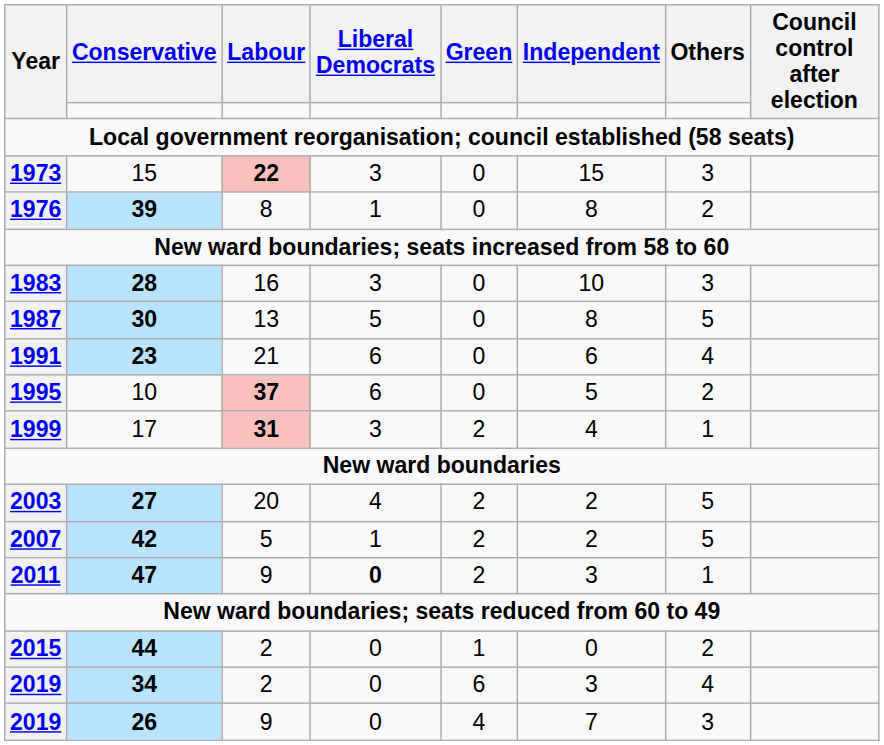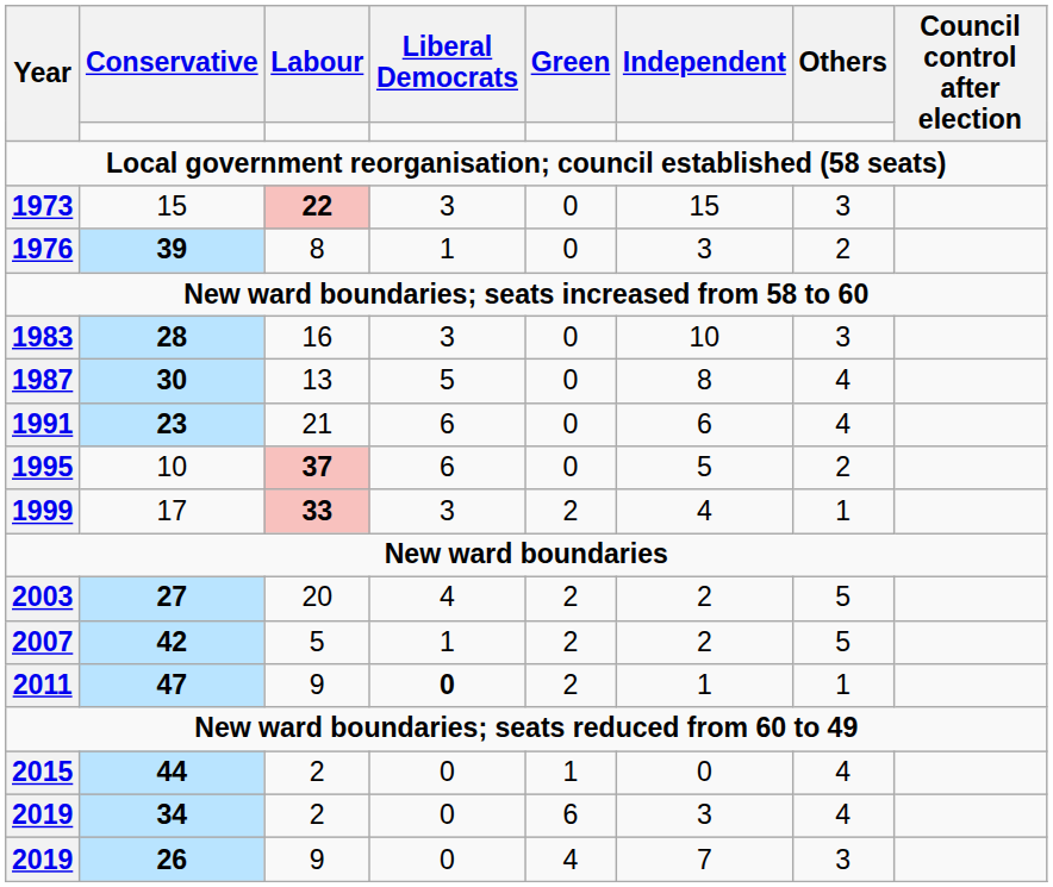 <table class="wikitable plainrowheaders" style="text-align:center">
 <tr>
 <th scope="col" rowspan="2">Year</th>
 <th scope="col"><a href='#'>Conservative</a></th>
 <th scope="col"><a href='#'>Labour</a></th>
 <th scope="col" style="width:1px"><a href='#'>Liberal Democrats</a></th>
 <th scope="col"><a href='#'>Green</a></th>
 <th scope="col"><a href='#'>Independent</a></th>
 <th scope="col">Others</th>
 <th scope="col" rowspan="2" colspan="2">Council control<br>after election</th>
 </tr>
 <tr>
 <td style="background:"></td>
 <td style="background:"></td>
 <td style="background:"></td>
 <td style="background:"></td>
 <td style="background:"></td>
 <td style="background:"></td>
 </tr>
 <tr>
 <td colspan="9"><strong>Local government reorganisation; council established (58 seats)</strong></td>
 </tr>
 <tr>
 <th scope="row"><a href='#'>1973</a></th>
 <td>15</td>
 <td style="background:#F8C1BE;"><strong>22</strong></td>
 <td>3</td>
 <td>0</td>
 <td>15</td>
 <td>3</td>
 <td></td>
 </tr>
 <tr>
 <th scope="row"><a href='#'>1976</a></th>
 <td style="background:#B9E4FF;"><strong>39</strong></td>
 <td>8</td>
 <td>1</td>
 <td>0</td>
-<td>8</td>
+<td>3</td>
 <td>2</td>
 <td></td>
 </tr>
 <tr>
 <td colspan="9"><strong>New ward boundaries; seats increased from 58 to 60</strong></td>
 </tr>
 <tr>
 <th scope="row"><a href='#'>1983</a></th>
 <td style="background:#B9E4FF;"><strong>28</strong></td>
 <td>16</td>
 <td>3</td>
 <td>0</td>
 <td>10</td>
 <td>3</td>
 <td></td>
 </tr>
 <tr>
 <th scope="row"><a href='#'>1987</a></th>
 <td style="background:#B9E4FF;"><strong>30</strong></td>
 <td>13</td>
 <td>5</td>
 <td>0</td>
 <td>8</td>
-<td>5</td>
+<td>4</td>
 <td></td>
 </tr>
 <tr>
 <th scope="row"><a href='#'>1991</a></th>
 <td style="background:#B9E4FF;"><strong>23</strong></td>
 <td>21</td>
 <td>6</td>
 <td>0</td>
 <td>6</td>
 <td>4</td>
 <td></td>
 </tr>
 <tr>
 <th scope="row"><a href='#'>1995</a></th>
 <td>10</td>
 <td style="background:#F8C1BE;"><strong>37</strong></td>
 <td>6</td>
 <td>0</td>
 <td>5</td>
 <td>2</td>
 <td></td>
 </tr>
 <tr>
 <th scope="row"><a href='#'>1999</a></th>
 <td>17</td>
-<td style="background:#F8C1BE;"><strong>31</strong></td>
+<td style="background:#F8C1BE;"><strong>33</strong></td>
 <td>3</td>
 <td>2</td>
 <td>4</td>
 <td>1</td>
 <td></td>
 </tr>
 <tr>
 <td colspan="9"><strong>New ward boundaries</strong></td>
 </tr>
 <tr>
 <th scope="row"><a href='#'>2003</a></th>
 <td style="background:#B9E4FF;"><strong>27</strong></td>
 <td>20</td>
 <td>4</td>
 <td>2</td>
 <td>2</td>
 <td>5</td>
 <td></td>
 </tr>
 <tr>
 <th scope="row"><a href='#'>2007</a></th>
 <td style="background:#B9E4FF;"><strong>42</strong></td>
 <td>5</td>
 <td>1</td>
 <td>2</td>
 <td>2</td>
 <td>5</td>
 <td></td>
 </tr>
 <tr>
 <th scope="row"><a href='#'>2011</a></th>
 <td style="background:#B9E4FF;"><strong>47</strong></td>
 <td>9</td>
 <td><strong>0</strong></td>
 <td>2</td>
-<td>3</td>
+<td>1</td>
 <td>1</td>
 <td></td>
 </tr>
 <tr>
 <td colspan="9"><strong>New ward boundaries; seats reduced from 60 to 49</strong></td>
 </tr>
 <tr>
 <th scope="row"><a href='#'>2015</a></th>
 <td style="background:#B9E4FF;"><strong>44</strong></td>
 <td>2</td>
 <td>0</td>
 <td>1</td>
 <td>0</td>
-<td>2</td>
+<td>4</td>
 <td></td>
 </tr>
 <tr>
 <th scope="row"><a href='#'>2019</a></th>
 <td style="background:#B9E4FF;"><strong>34</strong></td>
 <td>2</td>
 <td>0</td>
 <td>6</td>
 <td>3</td>
 <td>4</td>
 <td></td>
 </tr>
 <tr>
 <th scope="row"><a href='#'>2019</a></th>
 <td style="background:#B9E4FF;"><strong>26</strong></td>
 <td>9</td>
 <td>0</td>
 <td>4</td>
 <td>7</td>
 <td>3</td>
 <td></td>
 </tr>
 <tr>
 </tr>
 </table>
